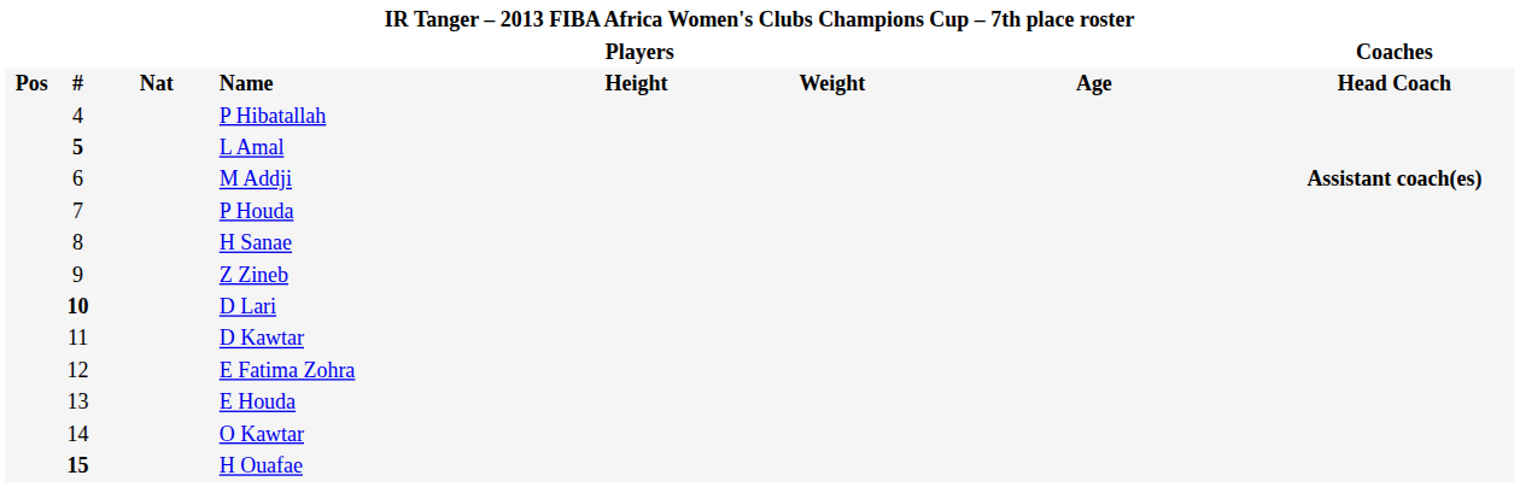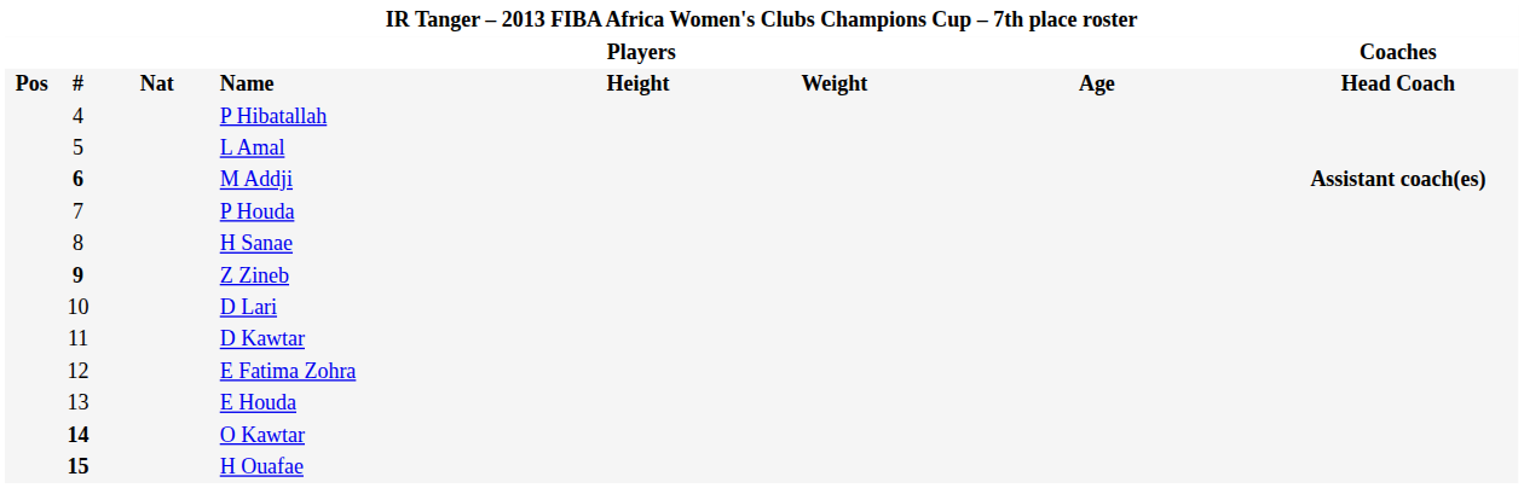 <table border=0 cellpadding=2 cellspacing=0  |- bgcolor=#f5f5f5 style="text-align:center; font-size:85%;" width=75%>
 <tr>
 <td colspan="8" style="background: white; color: black"><strong>IR Tanger – 2013 FIBA Africa Women's Clubs Champions Cup – 7th place roster</strong></td>
 </tr>
 <tr>
 <td colspan="7" style="background: white; color: black"><strong>Players</strong></td>
 <td style="background: white; color: black"><strong>Coaches</strong></td>
 </tr>
 <tr style="background=#f5f5f5; color: black">
 <th width=5px>Pos</th>
 <th width=5px>#</th>
 <th width=50px>Nat</th>
 <th width=135px align=left>Name</th>
 <th width=100px>Height</th>
 <th width=70px>Weight</th>
 <th width=160px>Age</th>
 <th width=105px>Head Coach</th>
 </tr>
 <tr>
 <td></td>
 <td>4</td>
 <td></td>
 <td align=left><a href='#'>P Hibatallah</a></td>
 <td></td>
 <td></td>
 <td></td>
 <td align=left></td>
 </tr>
 <tr>
 <td></td>
-<td><strong>5</strong></td>
+<td>5</td>
 <td></td>
 <td align=left><a href='#'>L Amal</a></td>
 <td></td>
 <td></td>
 <td></td>
 </tr>
 <tr>
 <td></td>
-<td>6</td>
+<td><strong>6</strong></td>
 <td></td>
 <td align=left><a href='#'>M Addji</a></td>
 <td></td>
 <td></td>
 <td></td>
 <td><strong>Assistant coach(es)</strong></td>
 </tr>
 <tr>
 <td></td>
 <td>7</td>
 <td></td>
 <td align=left><a href='#'>P Houda</a></td>
 <td></td>
 <td></td>
 <td></td>
 <td align=left></td>
 </tr>
 <tr>
 <td></td>
 <td>8</td>
 <td></td>
 <td align=left><a href='#'>H Sanae</a></td>
 <td></td>
 <td></td>
 <td></td>
 </tr>
 <tr>
 <td></td>
-<td>9</td>
+<td><strong>9</strong></td>
 <td></td>
 <td align=left><a href='#'>Z Zineb</a></td>
 <td></td>
 <td></td>
 <td></td>
 </tr>
 <tr>
 <td></td>
-<td><strong>10</strong></td>
+<td>10</td>
 <td></td>
 <td align=left><a href='#'>D Lari</a></td>
 <td></td>
 <td></td>
 <td></td>
 </tr>
 <tr>
 <td></td>
 <td>11</td>
 <td></td>
 <td align=left><a href='#'>D Kawtar</a></td>
 <td></td>
 <td></td>
 <td></td>
 </tr>
 <tr>
 <td></td>
 <td>12</td>
 <td></td>
 <td align=left><a href='#'>E Fatima Zohra</a></td>
 <td></td>
 <td></td>
 <td></td>
 </tr>
 <tr>
 <td></td>
 <td>13</td>
 <td></td>
 <td align=left><a href='#'>E Houda</a></td>
 <td></td>
 <td></td>
 <td></td>
 </tr>
 <tr>
 <td></td>
-<td>14</td>
+<td><strong>14</strong></td>
 <td></td>
 <td align=left><a href='#'>O Kawtar</a></td>
 <td></td>
 <td></td>
 <td></td>
 </tr>
 <tr>
 <td></td>
 <td><strong>15</strong></td>
 <td></td>
 <td align=left><a href='#'>H Ouafae</a></td>
 <td></td>
 <td></td>
 <td></td>
 </tr>
 </table>
